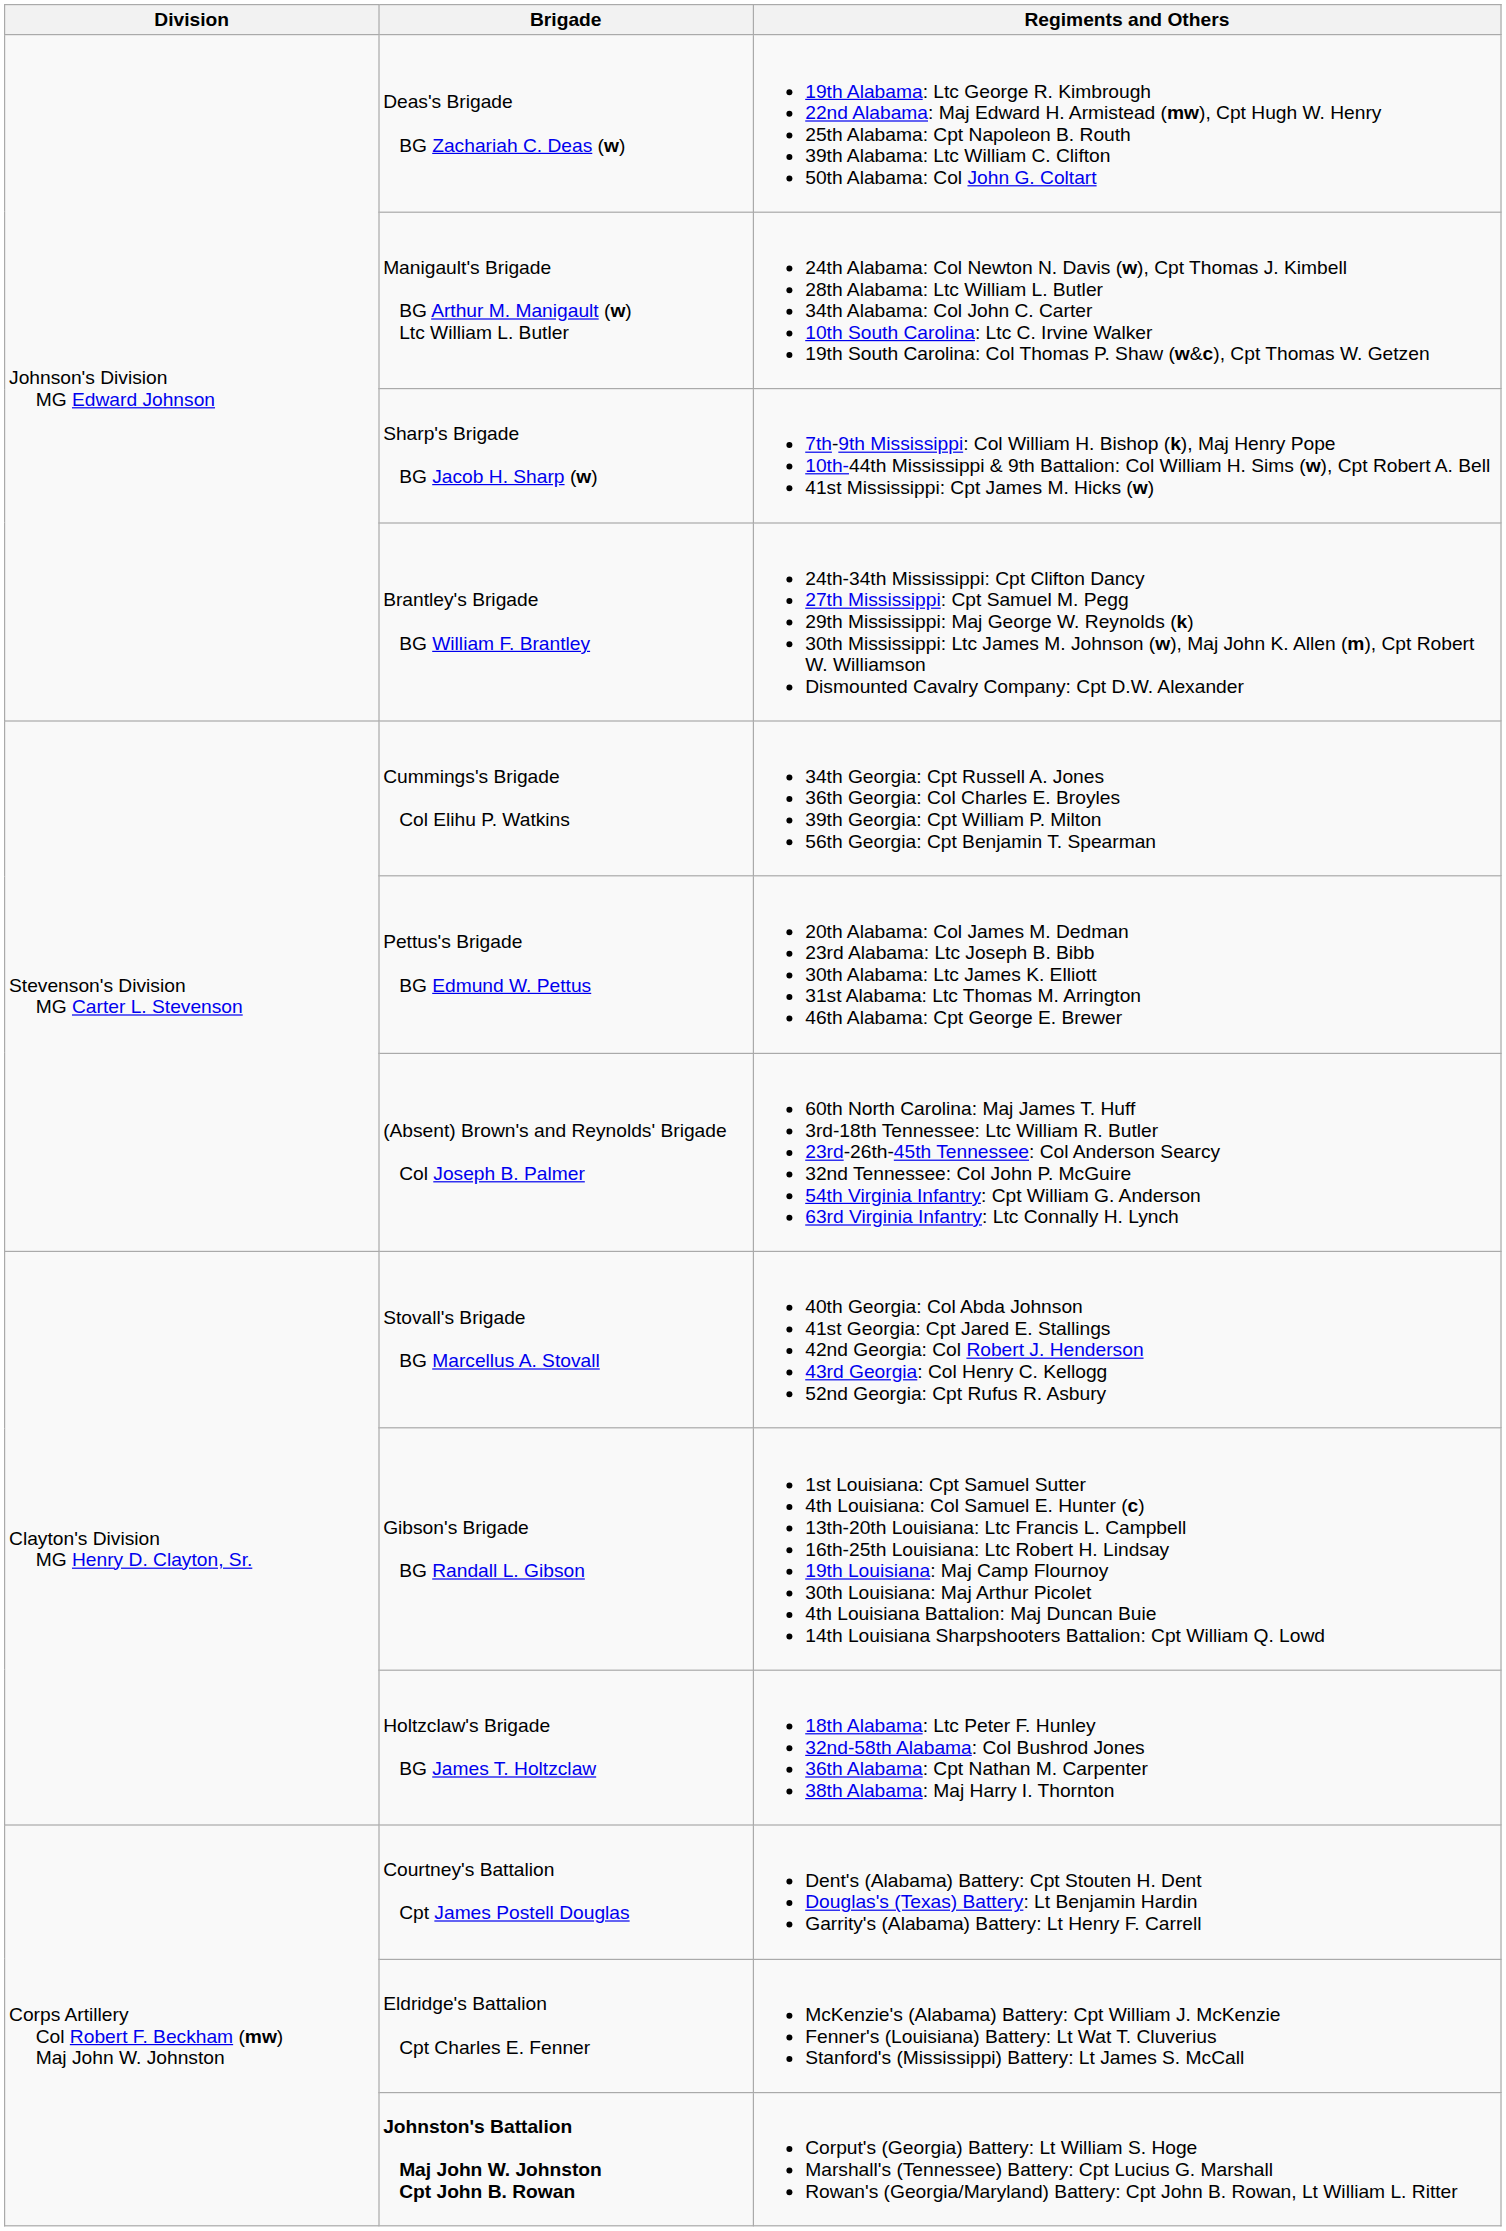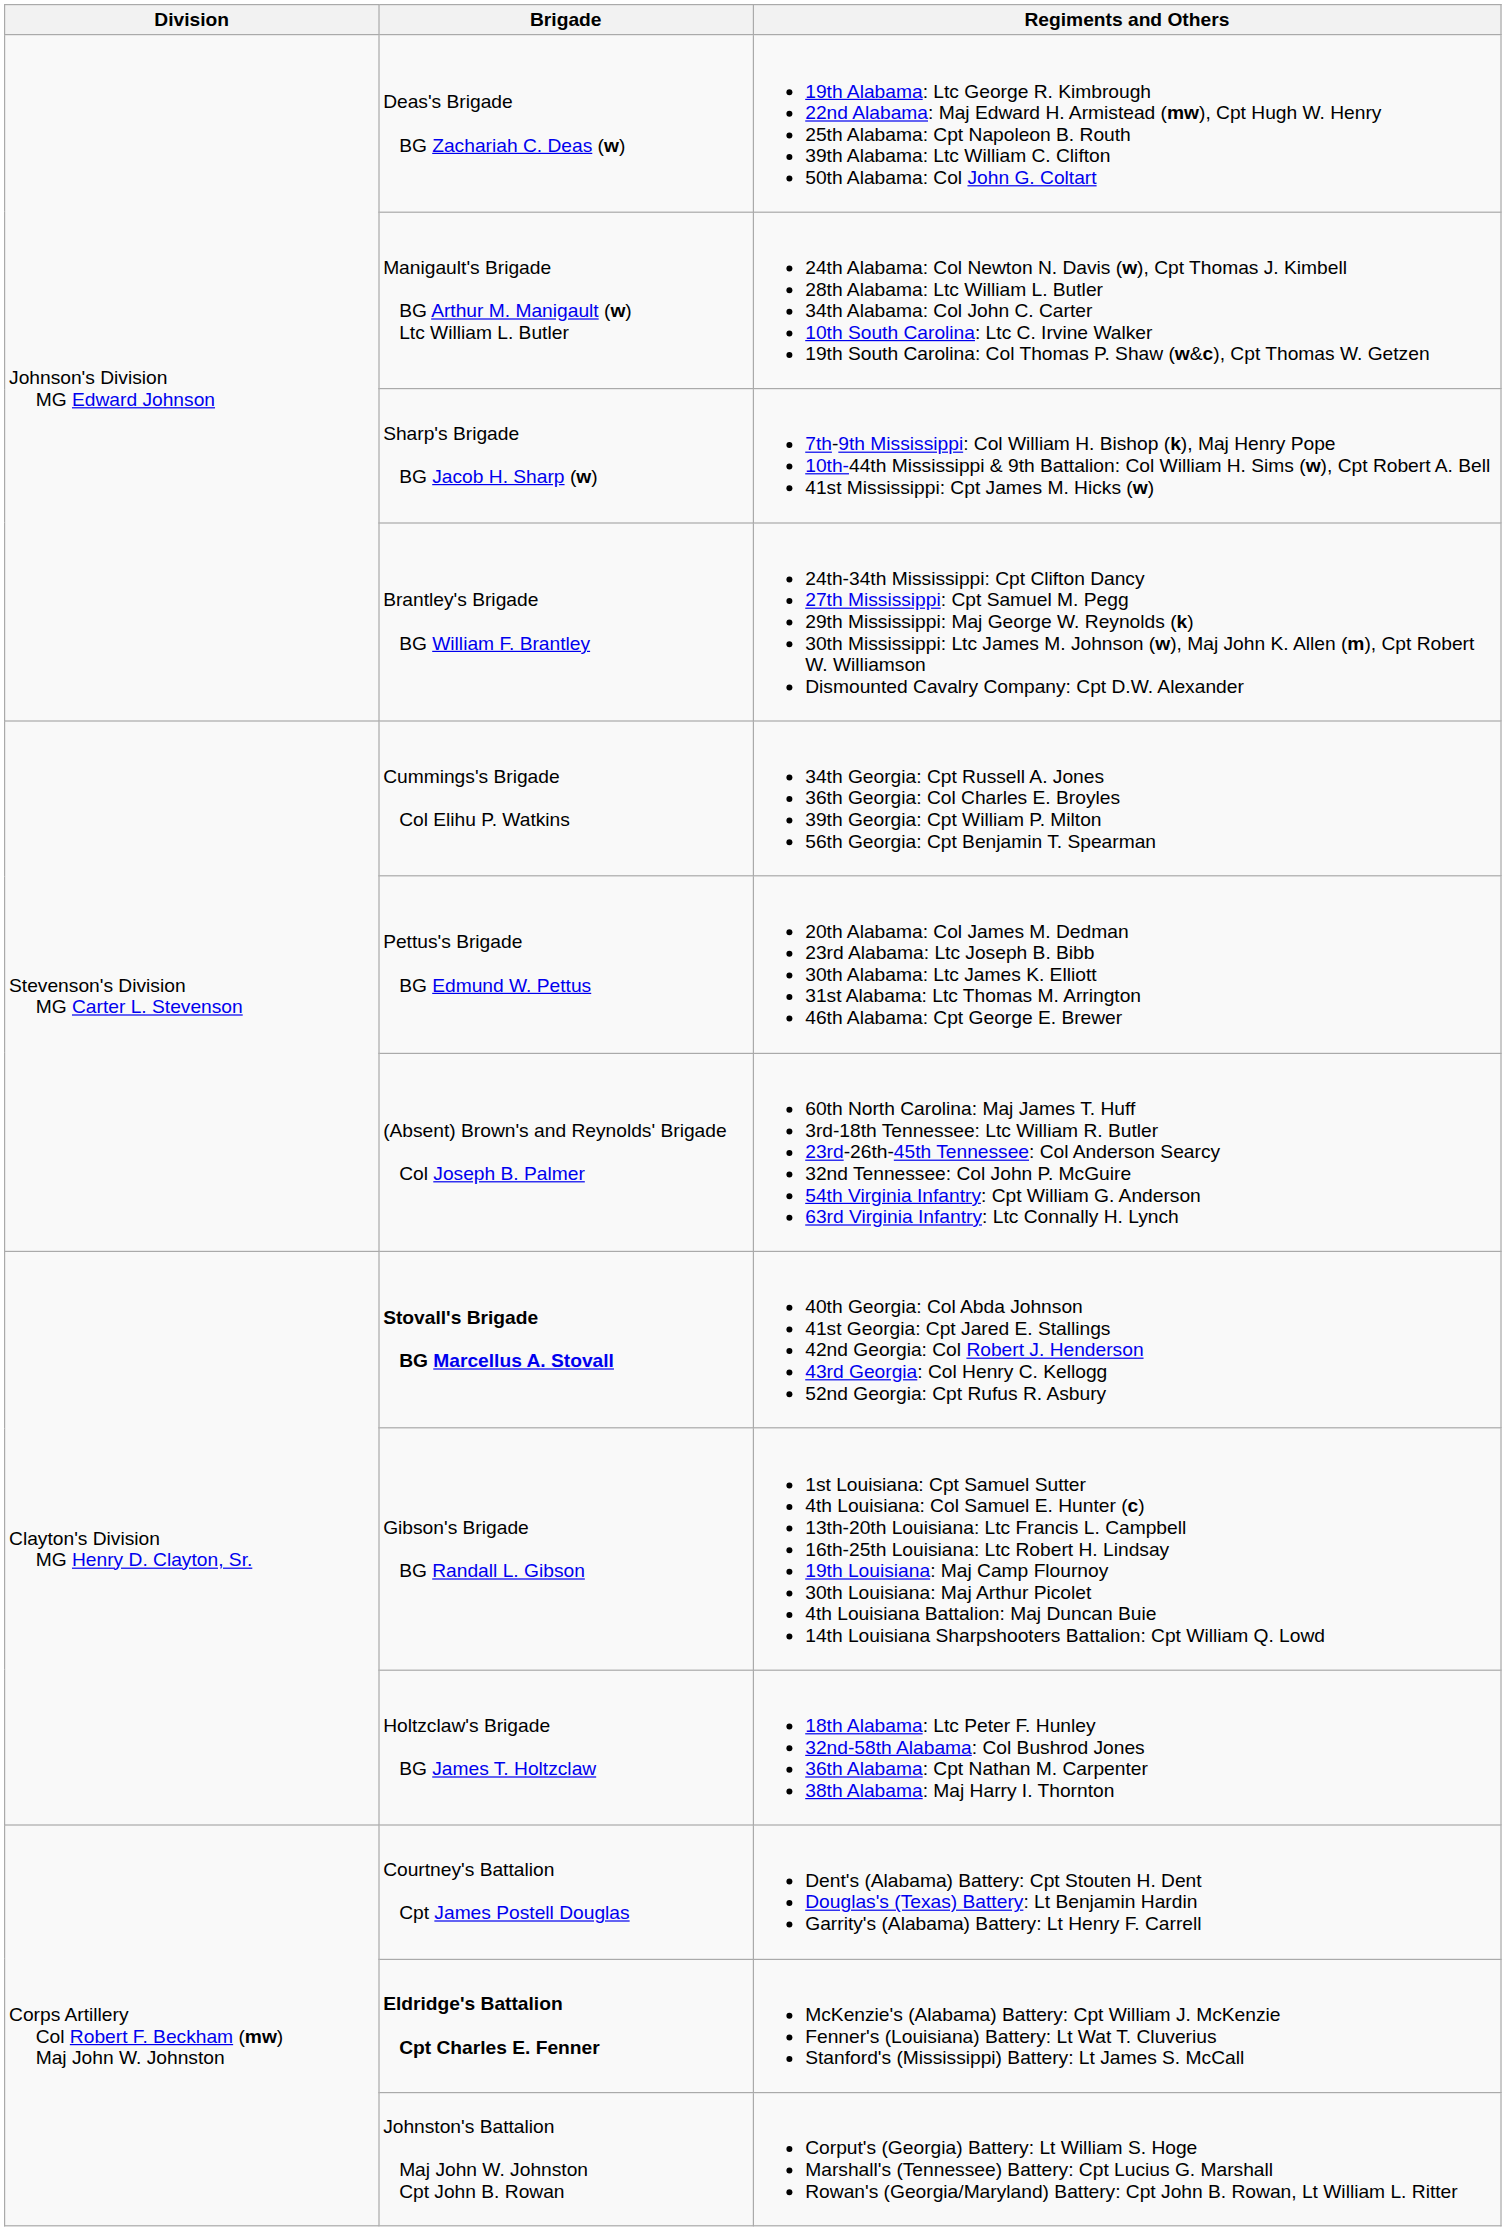 <table class="wikitable">
 <tr>
 <th width=25%>Division</th>
 <th width=25%>Brigade</th>
 <th>Regiments and Others</th>
 </tr>
 <tr>
 <td rowspan=4><br>Johnson's Division <br>     MG <a href='#'>Edward Johnson</a></td>
 <td>Deas's Brigade<br><br>   BG <a href='#'>Zachariah C. Deas</a> (<strong>w</strong>)</td>
 <td><br><ul><li><a href='#'>19th Alabama</a>: Ltc George R. Kimbrough</li><li><a href='#'>22nd Alabama</a>: Maj Edward H. Armistead (<strong>mw</strong>), Cpt Hugh W. Henry</li><li>25th Alabama: Cpt Napoleon B. Routh</li><li>39th Alabama: Ltc William C. Clifton</li><li>50th Alabama: Col <a href='#'>John G. Coltart</a></li></ul></td>
 </tr>
 <tr>
 <td>Manigault's Brigade<br><br>   BG <a href='#'>Arthur M. Manigault</a> (<strong>w</strong>) <br>   Ltc William L. Butler</td>
 <td><br><ul><li>24th Alabama: Col Newton N. Davis (<strong>w</strong>), Cpt Thomas J. Kimbell</li><li>28th Alabama: Ltc William L. Butler</li><li>34th Alabama: Col John C. Carter</li><li><a href='#'>10th South Carolina</a>: Ltc C. Irvine Walker</li><li>19th South Carolina: Col Thomas P. Shaw (<strong>w</strong>&<strong>c</strong>), Cpt Thomas W. Getzen</li></ul></td>
 </tr>
 <tr>
 <td>Sharp's Brigade<br><br>   BG <a href='#'>Jacob H. Sharp</a> (<strong>w</strong>)</td>
 <td><br><ul><li><a href='#'>7th</a>-<a href='#'>9th Mississippi</a>: Col William H. Bishop (<strong>k</strong>), Maj Henry Pope</li><li><a href='#'>10th-</a>44th Mississippi & 9th Battalion: Col William H. Sims (<strong>w</strong>), Cpt Robert A. Bell</li><li>41st Mississippi: Cpt James M. Hicks (<strong>w</strong>)</li></ul></td>
 </tr>
 <tr>
 <td>Brantley's Brigade<br><br>   BG <a href='#'>William F. Brantley</a></td>
 <td><br><ul><li>24th-34th Mississippi: Cpt Clifton Dancy</li><li><a href='#'>27th Mississippi</a>: Cpt Samuel M. Pegg</li><li>29th Mississippi: Maj George W. Reynolds (<strong>k</strong>)</li><li>30th Mississippi: Ltc James M. Johnson (<strong>w</strong>), Maj John K. Allen (<strong>m</strong>), Cpt Robert W. Williamson</li><li>Dismounted Cavalry Company: Cpt D.W. Alexander</li></ul></td>
 </tr>
 <tr>
 <td rowspan="3"><br>Stevenson's Division <br>     MG <a href='#'>Carter L. Stevenson</a></td>
 <td>Cummings's Brigade<br><br>   Col Elihu P. Watkins</td>
 <td><br><ul><li>34th Georgia: Cpt Russell A. Jones</li><li>36th Georgia: Col Charles E. Broyles</li><li>39th Georgia: Cpt William P. Milton</li><li>56th Georgia: Cpt Benjamin T. Spearman</li></ul></td>
 </tr>
 <tr>
 <td>Pettus's Brigade<br><br>   BG <a href='#'>Edmund W. Pettus</a></td>
 <td><br><ul><li>20th Alabama: Col James M. Dedman</li><li>23rd Alabama: Ltc Joseph B. Bibb</li><li>30th Alabama: Ltc James K. Elliott</li><li>31st Alabama: Ltc Thomas M. Arrington</li><li>46th Alabama: Cpt George E. Brewer</li></ul></td>
 </tr>
 <tr>
 <td>(Absent) Brown's and Reynolds' Brigade<br><br>   Col <a href='#'>Joseph B. Palmer</a></td>
 <td><br><ul><li>60th North Carolina: Maj James T. Huff</li><li>3rd-18th Tennessee: Ltc William R. Butler</li><li><a href='#'>23rd</a>-26th-<a href='#'>45th Tennessee</a>: Col Anderson Searcy</li><li>32nd Tennessee: Col John P. McGuire</li><li><a href='#'>54th Virginia Infantry</a>: Cpt William G. Anderson</li><li><a href='#'>63rd Virginia Infantry</a>: Ltc Connally H. Lynch</li></ul></td>
 </tr>
 <tr>
 <td rowspan="3"><br>Clayton's Division <br>     MG <a href='#'>Henry D. Clayton, Sr.</a></td>
-<td>Stovall's Brigade<br><br>   BG <a href='#'>Marcellus A. Stovall</a></td>
+<td><strong>Stovall's Brigade<br><br>   BG <a href='#'>Marcellus A. Stovall</a></strong></td>
 <td><br><ul><li>40th Georgia: Col Abda Johnson</li><li>41st Georgia: Cpt Jared E. Stallings</li><li>42nd Georgia: Col <a href='#'>Robert J. Henderson</a></li><li><a href='#'>43rd Georgia</a>: Col Henry C. Kellogg</li><li>52nd Georgia: Cpt Rufus R. Asbury</li></ul></td>
 </tr>
 <tr>
 <td>Gibson's Brigade<br><br>   BG <a href='#'>Randall L. Gibson</a></td>
 <td><br><ul><li>1st Louisiana: Cpt Samuel Sutter</li><li>4th Louisiana: Col Samuel E. Hunter (<strong>c</strong>)</li><li>13th-20th Louisiana: Ltc Francis L. Campbell</li><li>16th-25th Louisiana: Ltc Robert H. Lindsay</li><li><a href='#'>19th Louisiana</a>: Maj Camp Flournoy</li><li>30th Louisiana: Maj Arthur Picolet</li><li>4th Louisiana Battalion: Maj Duncan Buie</li><li>14th Louisiana Sharpshooters Battalion: Cpt William Q. Lowd</li></ul></td>
 </tr>
 <tr>
 <td>Holtzclaw's Brigade<br><br>   BG <a href='#'>James T. Holtzclaw</a></td>
 <td><br><ul><li><a href='#'>18th Alabama</a>: Ltc Peter F. Hunley</li><li><a href='#'>32nd-58th Alabama</a>: Col Bushrod Jones</li><li><a href='#'>36th Alabama</a>: Cpt Nathan M. Carpenter</li><li><a href='#'>38th Alabama</a>: Maj Harry I. Thornton</li></ul></td>
 </tr>
 <tr>
 <td rowspan=3><br>Corps Artillery <br>     Col <a href='#'>Robert F. Beckham</a> (<strong>mw</strong>)<br>     Maj John W. Johnston</td>
 <td>Courtney's Battalion<br><br>   Cpt <a href='#'>James Postell Douglas</a></td>
 <td><br><ul><li>Dent's (Alabama) Battery: Cpt Stouten H. Dent</li><li><a href='#'>Douglas's (Texas) Battery</a>: Lt Benjamin Hardin</li><li>Garrity's (Alabama) Battery: Lt Henry F. Carrell</li></ul></td>
 </tr>
 <tr>
-<td>Eldridge's Battalion<br><br>   Cpt Charles E. Fenner</td>
+<td><strong>Eldridge's Battalion<br><br>   Cpt Charles E. Fenner</strong></td>
 <td><br><ul><li>McKenzie's (Alabama) Battery: Cpt William J. McKenzie</li><li>Fenner's (Louisiana) Battery: Lt Wat T. Cluverius</li><li>Stanford's (Mississippi) Battery: Lt James S. McCall</li></ul></td>
 </tr>
 <tr>
-<td><strong>Johnston's Battalion<br><br>   Maj John W. Johnston <br>   Cpt John B. Rowan</strong></td>
+<td>Johnston's Battalion<br><br>   Maj John W. Johnston <br>   Cpt John B. Rowan</td>
 <td><br><ul><li>Corput's (Georgia) Battery: Lt William S. Hoge</li><li>Marshall's (Tennessee) Battery: Cpt Lucius G. Marshall</li><li>Rowan's (Georgia/Maryland) Battery: Cpt John B. Rowan, Lt William L. Ritter</li></ul></td>
 </tr>
 </table>
